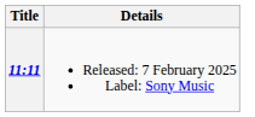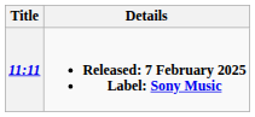 <table class="wikitable plainrowheaders" style="text-align:center;">
 <tr>
 <th scope="col">Title</th>
 <th scope="col">Details</th>
 </tr>
 <tr>
 <th scope="row"><em><a href='#'>11:11</a></em></th>
-<td><br><ul><li>Released: 7 February 2025</li><li>Label: <a href='#'>Sony Music</a></li></ul></td>
+<td><strong><br><ul><li>Released: 7 February 2025</li><li>Label: <a href='#'>Sony Music</a></li></ul></strong></td>
 </tr>
 </table>
